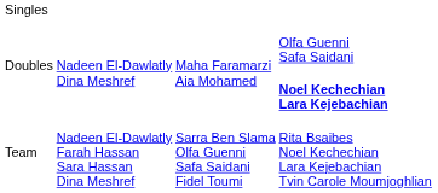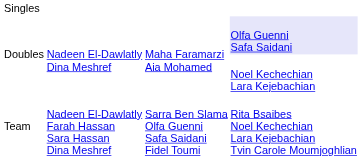 <table>
 <tr>
 <td rowspan=2>Singles</td>
 <td rowspan=2></td>
 <td rowspan=2></td>
 <td></td>
 </tr>
 <tr>
 <td></td>
 </tr>
 <tr>
 <td rowspan=2>Doubles</td>
 <td rowspan=2><br><a href='#'>Nadeen El-Dawlatly</a><br><a href='#'>Dina Meshref</a></td>
 <td rowspan=2><br><a href='#'>Maha Faramarzi</a><br><a href='#'>Aia Mohamed</a></td>
-<td><br><a href='#'>Olfa Guenni</a><br><a href='#'>Safa Saidani</a></td>
+<td style="background: lavender;"><br><a href='#'>Olfa Guenni</a><br><a href='#'>Safa Saidani</a></td>
 </tr>
 <tr>
-<td><strong><br><a href='#'>Noel Kechechian</a><br><a href='#'>Lara Kejebachian</a></strong></td>
+<td><br><a href='#'>Noel Kechechian</a><br><a href='#'>Lara Kejebachian</a></td>
 </tr>
 <tr>
 <td>Team</td>
 <td><br><a href='#'>Nadeen El-Dawlatly</a><br><a href='#'>Farah Hassan</a><br><a href='#'>Sara Hassan</a><br><a href='#'>Dina Meshref</a></td>
 <td><br><a href='#'>Sarra Ben Slama</a><br><a href='#'>Olfa Guenni</a><br><a href='#'>Safa Saidani</a><br><a href='#'>Fidel Toumi</a></td>
 <td><br><a href='#'>Rita Bsaibes</a><br><a href='#'>Noel Kechechian</a><br><a href='#'>Lara Kejebachian</a><br><a href='#'>Tvin Carole Moumjoghlian</a></td>
 </tr>
 </table>
